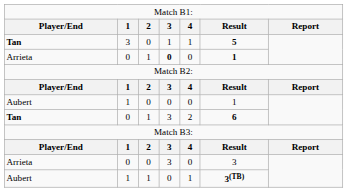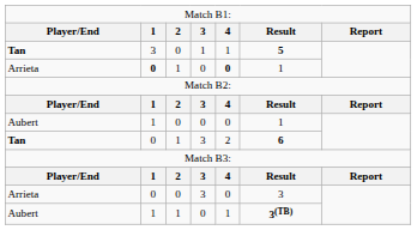 <table class="wikitable" style=font-size:85%;text-align:center;width:40%>
 <tr>
 <td colspan="7">Match B1:</td>
 </tr>
 <tr>
 <th>Player/End</th>
 <th>1</th>
 <th>2</th>
 <th>3</th>
 <th>4</th>
 <th>Result</th>
 <th>Report</th>
 </tr>
 <tr>
 <td align=left><strong> Tan</strong></td>
 <td>3</td>
 <td>0</td>
 <td>1</td>
 <td>1</td>
 <td><strong>5</strong></td>
 <td rowspan="2"></td>
 </tr>
 <tr>
 <td align=left> Arrieta</td>
+<td><strong>0</strong></td>
+<td>1</td>
 <td>0</td>
+<td><strong>0</strong></td>
 <td>1</td>
-<td><strong>0</strong></td>
-<td>0</td>
-<td><strong>1</strong></td>
 </tr>
 <tr>
 <td colspan="7">Match B2:</td>
 </tr>
 <tr>
 <th>Player/End</th>
 <th>1</th>
 <th>2</th>
 <th>3</th>
 <th>4</th>
 <th>Result</th>
 <th>Report</th>
 </tr>
 <tr>
 <td align=left> Aubert</td>
 <td>1</td>
 <td>0</td>
 <td>0</td>
 <td>0</td>
 <td>1</td>
 <td rowspan="2"></td>
 </tr>
 <tr>
 <td align=left><strong> Tan</strong></td>
 <td>0</td>
 <td>1</td>
 <td>3</td>
 <td>2</td>
 <td><strong>6</strong></td>
 </tr>
 <tr>
 <td colspan="7">Match B3:</td>
 </tr>
 <tr>
 <th>Player/End</th>
 <th>1</th>
 <th>2</th>
 <th>3</th>
 <th>4</th>
 <th>Result</th>
 <th>Report</th>
 </tr>
 <tr>
 <td align=left> Arrieta</td>
 <td>0</td>
 <td>0</td>
 <td>3</td>
 <td>0</td>
 <td>3</td>
 <td rowspan="2"></td>
 </tr>
 <tr>
 <td align=left> Aubert</td>
 <td>1</td>
 <td>1</td>
 <td>0</td>
 <td>1</td>
 <td><strong>3<sup>(TB)</sup></strong></td>
 </tr>
 </table>
